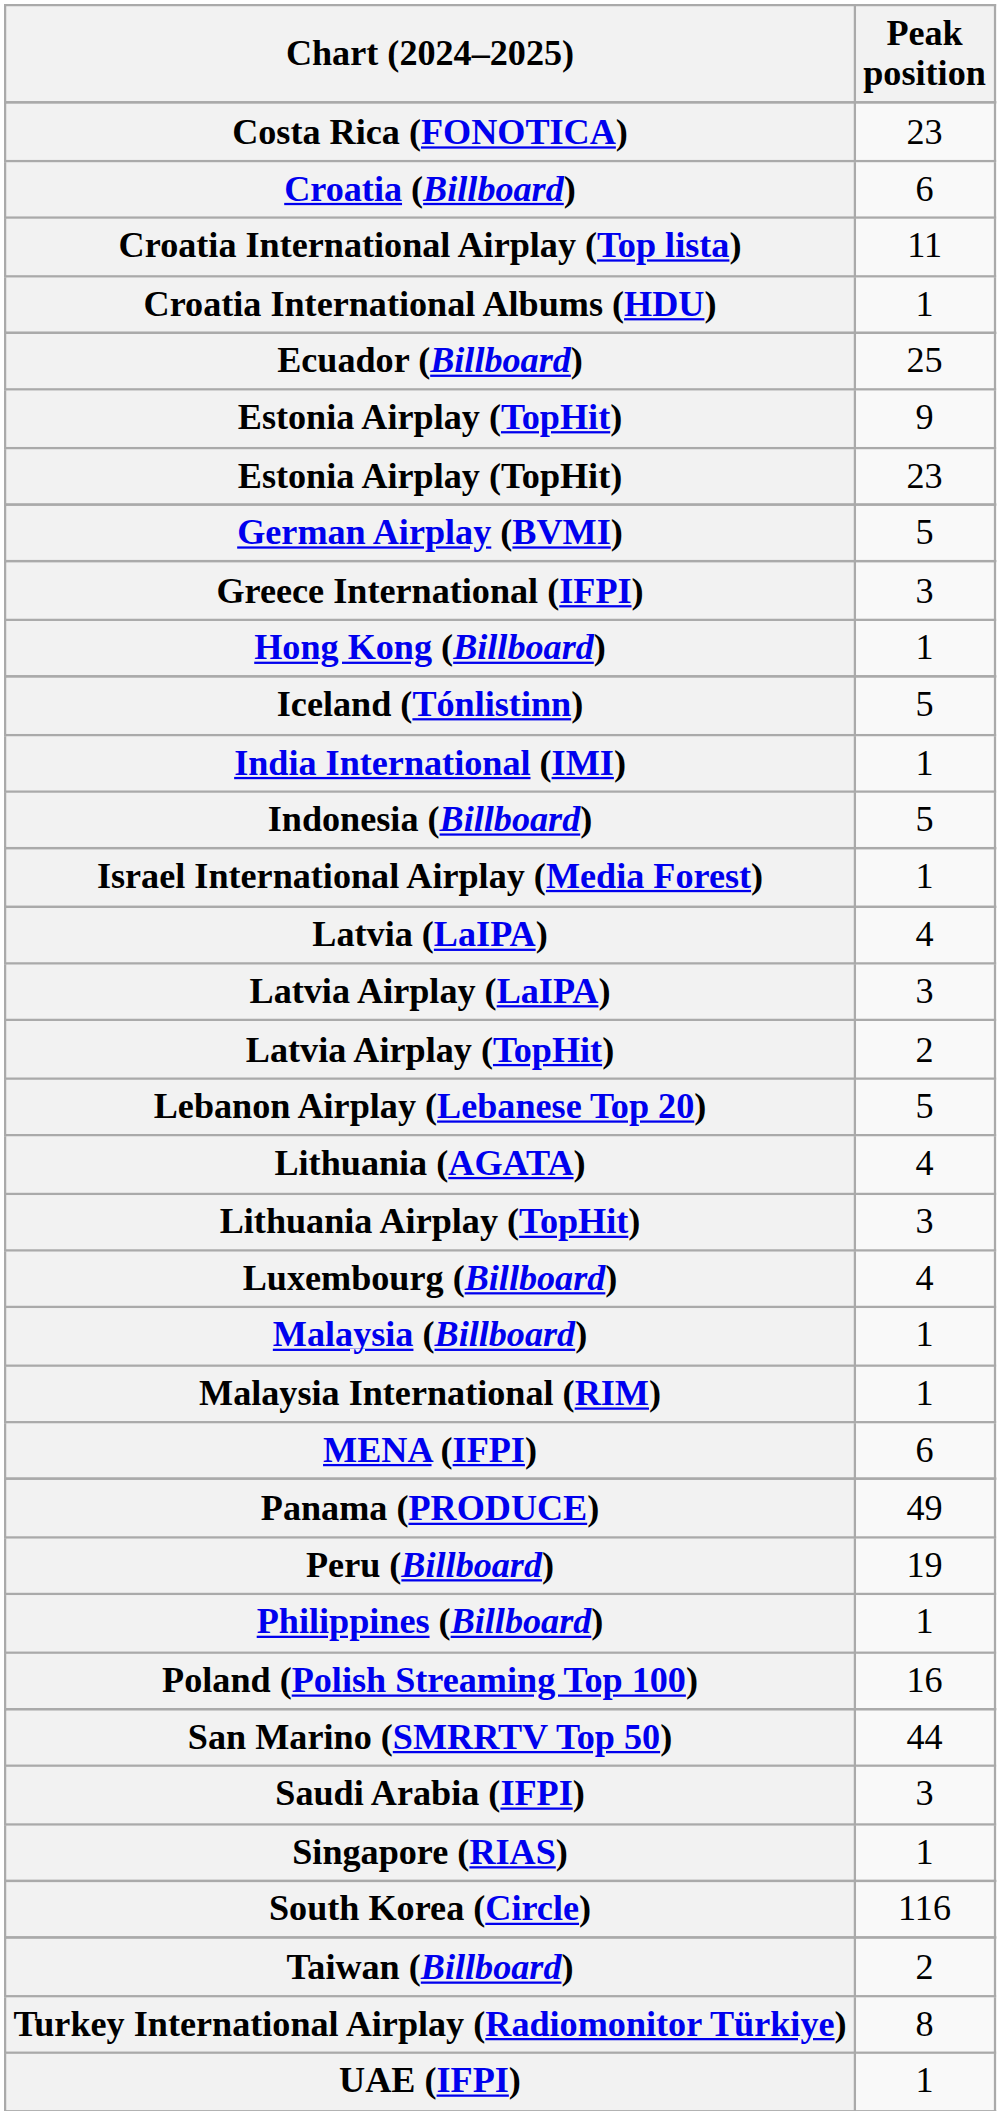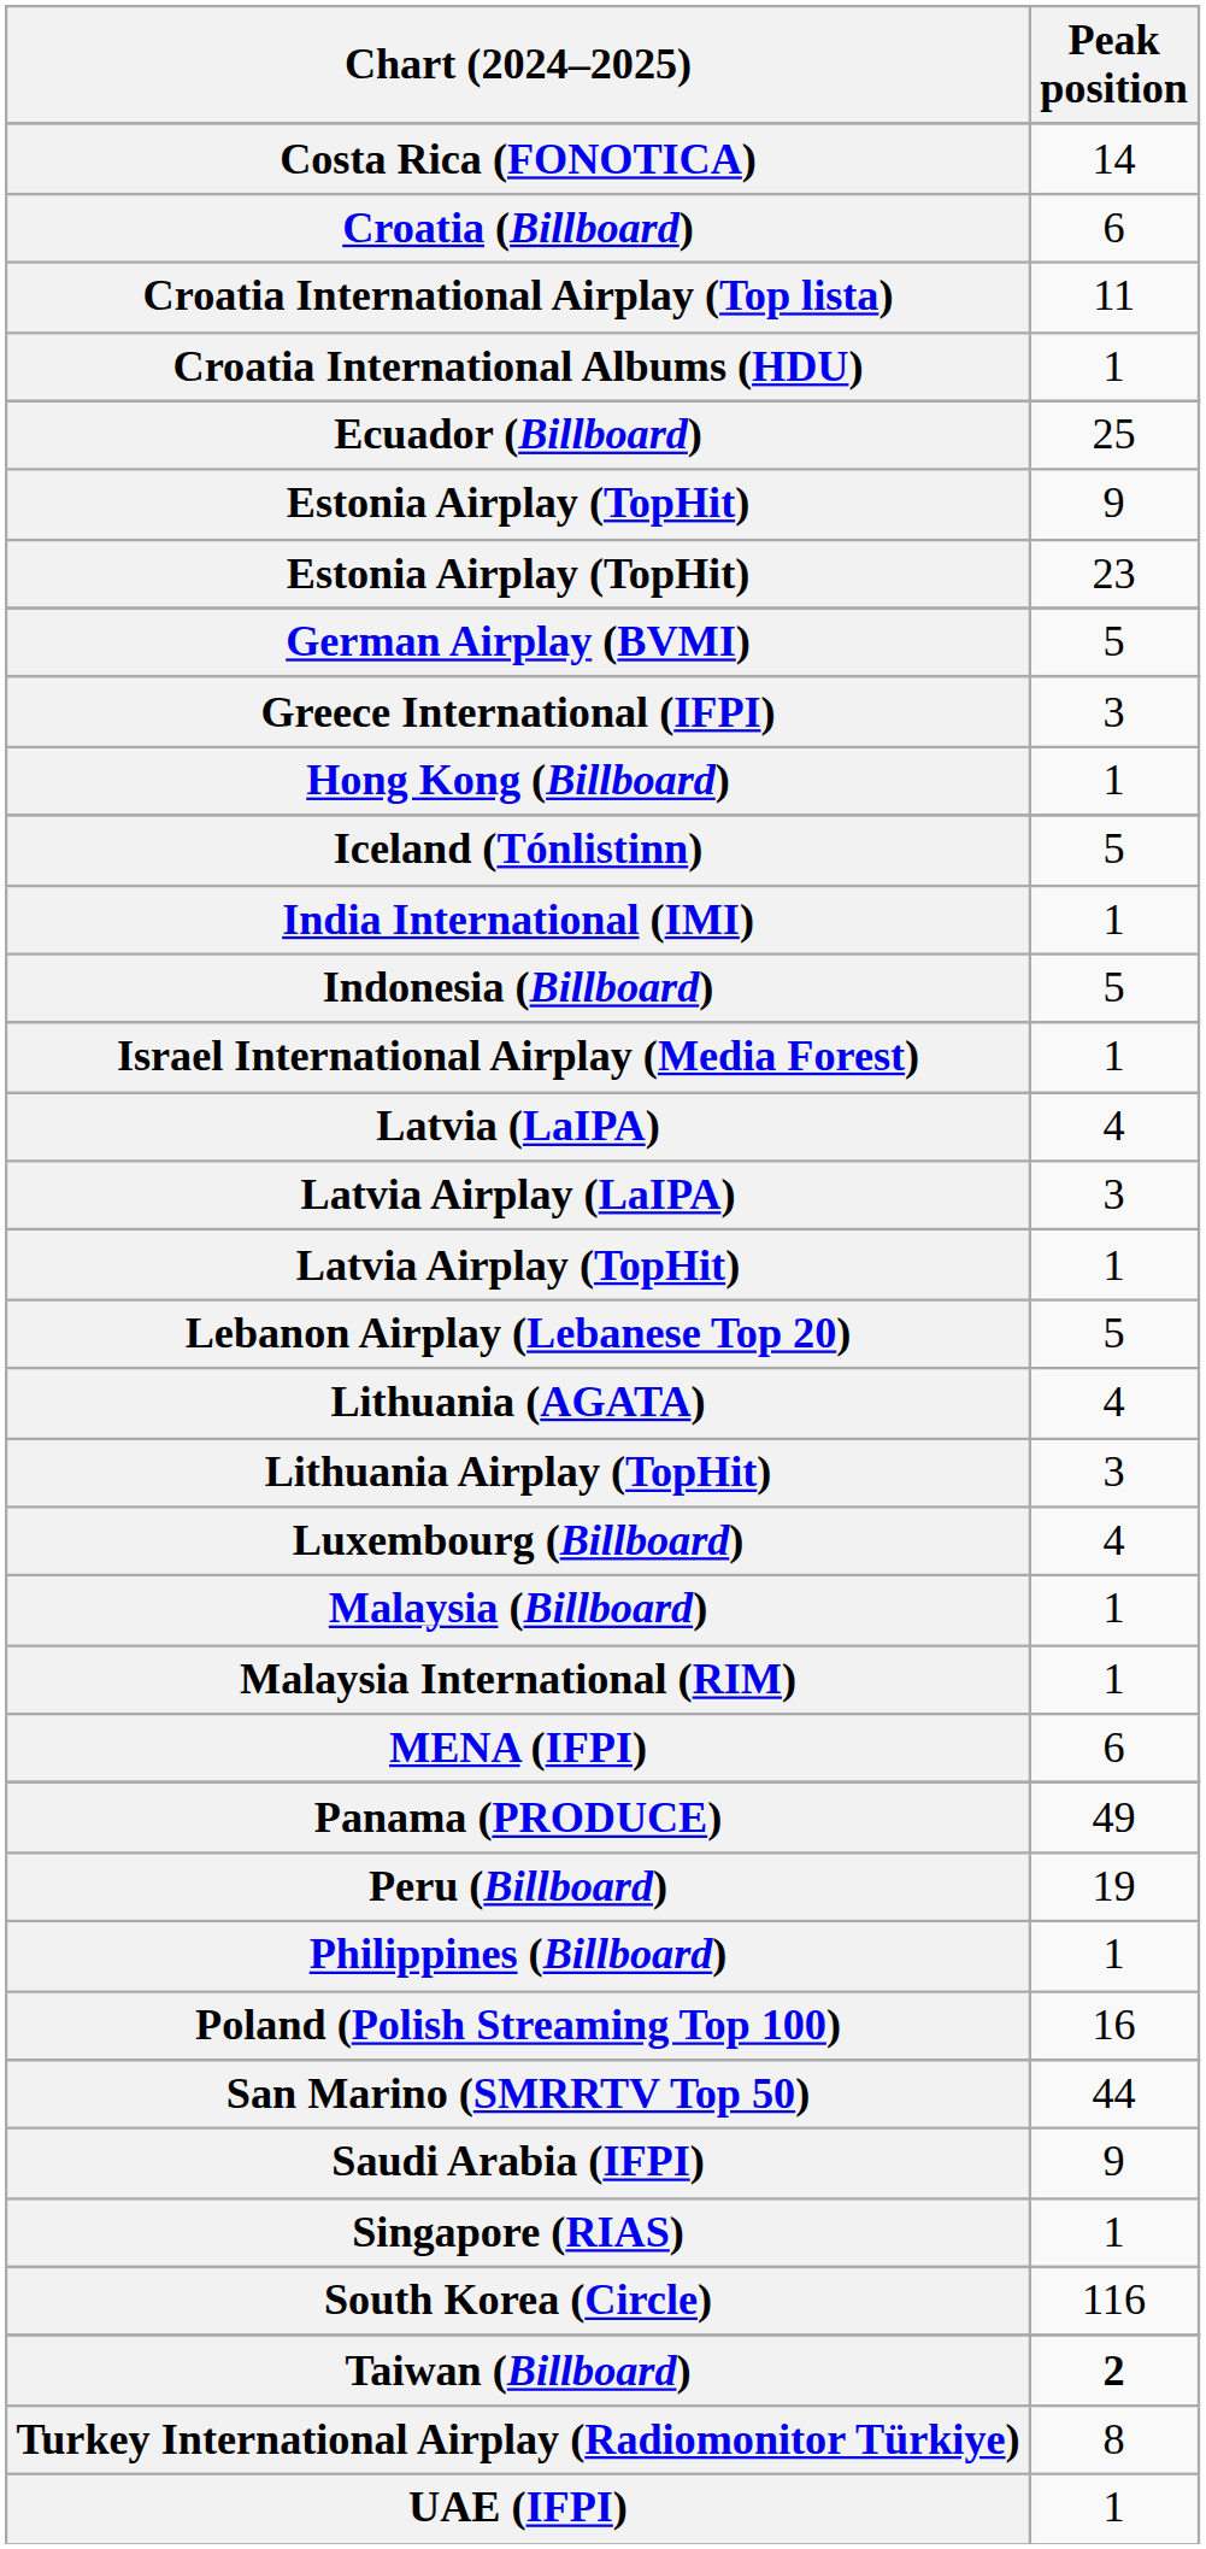 <table class="wikitable plainrowheaders sortable" style="text-align:center">
 <tr>
 <th scope="col">Chart (2024–2025)</th>
 <th scope="col">Peak<br>position</th>
 </tr>
 <tr>
 </tr>
 <tr>
 </tr>
 <tr>
 </tr>
 <tr>
 </tr>
 <tr>
 </tr>
 <tr>
 </tr>
 <tr>
 </tr>
 <tr>
 </tr>
 <tr>
 </tr>
 <tr>
 </tr>
 <tr>
 </tr>
 <tr>
 <th scope="row">Costa Rica (<a href='#'>FONOTICA</a>)</th>
-<td>23</td>
+<td>14</td>
 </tr>
 <tr>
 <th scope="row"><a href='#'>Croatia</a> (<em><a href='#'>Billboard</a></em>)</th>
 <td>6</td>
 </tr>
 <tr>
 <th scope="row">Croatia International Airplay (<a href='#'>Top lista</a>)</th>
 <td>11</td>
 </tr>
 <tr>
 <th scope="row">Croatia International Albums (<a href='#'>HDU</a>)<br></th>
 <td>1</td>
 </tr>
 <tr>
 </tr>
 <tr>
 </tr>
 <tr>
 </tr>
 <tr>
 <th scope="row">Ecuador (<em><a href='#'>Billboard</a></em>)</th>
 <td>25</td>
 </tr>
 <tr>
 <th scope="row">Estonia Airplay (<a href='#'>TopHit</a>)</th>
 <td>9</td>
 </tr>
 <tr>
 <th scope="row">Estonia Airplay (TopHit)<br></th>
 <td>23</td>
 </tr>
 <tr>
 </tr>
 <tr>
 </tr>
 <tr>
 </tr>
 <tr>
 <th scope="row"><a href='#'>German Airplay</a> (<a href='#'>BVMI</a>)</th>
 <td>5</td>
 </tr>
 <tr>
 </tr>
 <tr>
 <th scope="row">Greece International (<a href='#'>IFPI</a>)</th>
 <td>3</td>
 </tr>
 <tr>
 <th scope="row"><a href='#'>Hong Kong</a> (<em><a href='#'>Billboard</a></em>)</th>
 <td>1</td>
 </tr>
 <tr>
 </tr>
 <tr>
 <th scope="row">Iceland (<a href='#'>Tónlistinn</a>)</th>
 <td>5</td>
 </tr>
 <tr>
 <th scope="row"><a href='#'>India International</a> (<a href='#'>IMI</a>)</th>
 <td>1</td>
 </tr>
 <tr>
 <th scope="row">Indonesia (<em><a href='#'>Billboard</a></em>)</th>
 <td>5</td>
 </tr>
 <tr>
 </tr>
 <tr>
 <th scope="row">Israel International Airplay (<a href='#'>Media Forest</a>)</th>
 <td>1</td>
 </tr>
 <tr>
 </tr>
 <tr>
 </tr>
 <tr>
 <th scope="row">Latvia (<a href='#'>LaIPA</a>)</th>
 <td>4</td>
 </tr>
 <tr>
 <th scope="row">Latvia Airplay (<a href='#'>LaIPA</a>)</th>
 <td>3</td>
 </tr>
 <tr>
 <th scope="row">Latvia Airplay (<a href='#'>TopHit</a>)<br></th>
-<td>2</td>
+<td>1</td>
 </tr>
 <tr>
 <th scope="row">Lebanon Airplay (<a href='#'>Lebanese Top 20</a>)</th>
 <td>5</td>
 </tr>
 <tr>
 <th scope="row">Lithuania (<a href='#'>AGATA</a>)</th>
 <td>4</td>
 </tr>
 <tr>
 <th scope="row">Lithuania Airplay (<a href='#'>TopHit</a>)</th>
 <td>3</td>
 </tr>
 <tr>
 <th scope="row">Luxembourg (<em><a href='#'>Billboard</a></em>)</th>
 <td>4</td>
 </tr>
 <tr>
 <th scope="row"><a href='#'>Malaysia</a> (<em><a href='#'>Billboard</a></em>)</th>
 <td>1</td>
 </tr>
 <tr>
 <th scope="row">Malaysia International (<a href='#'>RIM</a>)</th>
 <td>1</td>
 </tr>
 <tr>
 <th scope="row"><a href='#'>MENA</a> (<a href='#'>IFPI</a>)</th>
 <td>6</td>
 </tr>
 <tr>
 </tr>
 <tr>
 </tr>
 <tr>
 </tr>
 <tr>
 </tr>
 <tr>
 <th scope="row">Panama (<a href='#'>PRODUCE</a>)</th>
 <td>49</td>
 </tr>
 <tr>
 <th scope="row">Peru (<em><a href='#'>Billboard</a></em>)</th>
 <td>19</td>
 </tr>
 <tr>
 <th scope="row"><a href='#'>Philippines</a> (<em><a href='#'>Billboard</a></em>)</th>
 <td>1</td>
 </tr>
 <tr>
 <th scope="row">Poland (<a href='#'>Polish Streaming Top 100</a>)</th>
 <td>16</td>
 </tr>
 <tr>
 </tr>
 <tr>
 <th scope="row">San Marino (<a href='#'>SMRRTV Top 50</a>)</th>
 <td>44</td>
 </tr>
 <tr>
 <th scope="row">Saudi Arabia (<a href='#'>IFPI</a>)</th>
-<td>3</td>
+<td>9</td>
 </tr>
 <tr>
 <th scope="row">Singapore (<a href='#'>RIAS</a>)</th>
 <td>1</td>
 </tr>
 <tr>
 </tr>
 <tr>
 </tr>
 <tr>
 </tr>
 <tr>
 <th scope="row">South Korea (<a href='#'>Circle</a>)</th>
 <td>116</td>
 </tr>
 <tr>
 </tr>
 <tr>
 </tr>
 <tr>
 </tr>
 <tr>
 <th scope="row">Taiwan (<em><a href='#'>Billboard</a></em>)</th>
-<td>2</td>
+<td><strong>2</strong></td>
 </tr>
 <tr>
 <th scope="row">Turkey International Airplay (<a href='#'>Radiomonitor Türkiye</a>)</th>
 <td>8</td>
 </tr>
 <tr>
 <th scope="row">UAE (<a href='#'>IFPI</a>)</th>
 <td>1</td>
 </tr>
 <tr>
 </tr>
 <tr>
 </tr>
 <tr>
 </tr>
 <tr>
 </tr>
 <tr>
 </tr>
 <tr>
 </tr>
 </table>
